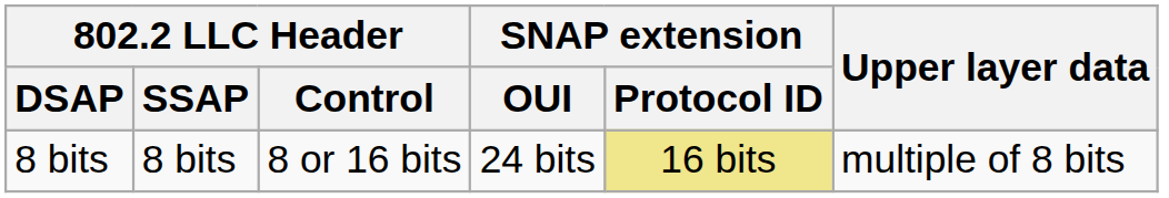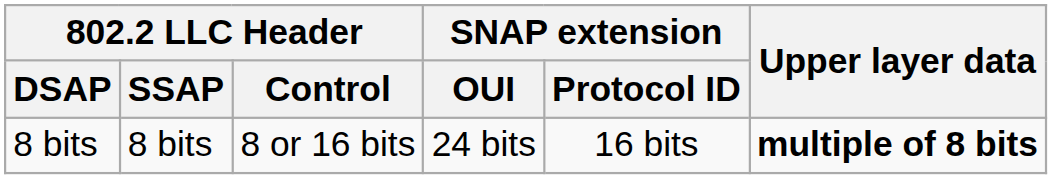 <table class="wikitable">
 <tr>
 <th colspan="3">802.2 LLC Header</th>
 <th colspan="2">SNAP extension</th>
 <th rowspan="2">Upper layer data</th>
 </tr>
 <tr>
 <th>DSAP</th>
 <th>SSAP</th>
 <th>Control</th>
 <th>OUI</th>
 <th>Protocol ID</th>
 </tr>
 <tr>
 <td>8 bits</td>
 <td>8 bits</td>
 <td>8 or 16 bits</td>
 <td>24 bits</td>
-<td style="background: khaki; text-align:center;">16 bits</td>
-<td>multiple of 8 bits</td>
+<td style="text-align:center;">16 bits</td>
+<td><strong>multiple of 8 bits</strong></td>
 </tr>
 </table>
